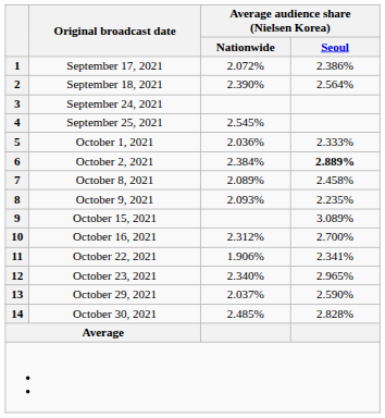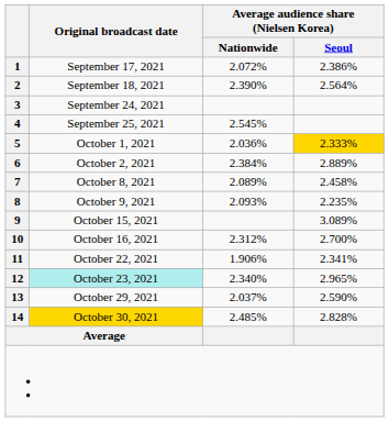 <table class="wikitable" style="text-align:center; margin-left:auto; margin-right:auto; width:500px">
 <tr>
 <th rowspan="2"></th>
 <th rowspan="2">Original broadcast date</th>
 <th colspan="2">Average audience share<br>(Nielsen Korea)</th>
 </tr>
 <tr>
 <th style="width:7em">Nationwide</th>
 <th style="width:7em"><a href='#'>Seoul</a></th>
 </tr>
 <tr>
 <th>1</th>
 <td>September 17, 2021</td>
 <td>2.072% </td>
 <td>2.386% </td>
 </tr>
 <tr>
 <th>2</th>
 <td>September 18, 2021</td>
 <td>2.390% </td>
 <td>2.564% </td>
 </tr>
 <tr>
 <th>3</th>
 <td>September 24, 2021</td>
 <td><strong></strong> </td>
 <td><strong></strong> </td>
 </tr>
 <tr>
 <th>4</th>
 <td>September 25, 2021</td>
 <td>2.545% </td>
 <td><strong></strong> </td>
 </tr>
 <tr>
 <th>5</th>
 <td>October 1, 2021</td>
 <td>2.036% </td>
-<td>2.333% </td>
+<td style="background: gold;">2.333% </td>
 </tr>
 <tr>
 <th>6</th>
 <td>October 2, 2021</td>
 <td>2.384% </td>
-<td><strong>2.889% </strong></td>
+<td>2.889% </td>
 </tr>
 <tr>
 <th>7</th>
 <td>October 8, 2021</td>
 <td>2.089% </td>
 <td>2.458% </td>
 </tr>
 <tr>
 <th>8</th>
 <td>October 9, 2021</td>
 <td>2.093% </td>
 <td>2.235% </td>
 </tr>
 <tr>
 <th>9</th>
 <td>October 15, 2021</td>
 <td><strong></strong> </td>
 <td>3.089% </td>
 </tr>
 <tr>
 <th>10</th>
 <td>October 16, 2021</td>
 <td>2.312% </td>
 <td>2.700% </td>
 </tr>
 <tr>
 <th>11</th>
 <td>October 22, 2021</td>
 <td>1.906% </td>
 <td>2.341% </td>
 </tr>
 <tr>
 <th>12</th>
-<td>October 23, 2021</td>
+<td style="background: paleturquoise;">October 23, 2021</td>
 <td>2.340% </td>
 <td>2.965% </td>
 </tr>
 <tr>
 <th>13</th>
 <td>October 29, 2021</td>
 <td>2.037% </td>
 <td>2.590% </td>
 </tr>
 <tr>
 <th>14</th>
-<td>October 30, 2021</td>
+<td style="background: gold;">October 30, 2021</td>
 <td>2.485% </td>
 <td>2.828% </td>
 </tr>
 <tr>
 <th colspan="2">Average</th>
 <th></th>
 <th></th>
 </tr>
 <tr>
 <td colspan="6"><br><ul><li></li><li></li></ul></td>
 </tr>
 </table>
